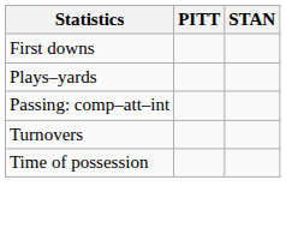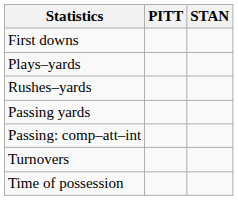 <table class="wikitable" style="float:left">
 <tr>
 <th>Statistics</th>
 <th>PITT</th>
 <th>STAN</th>
 </tr>
 <tr>
 <td>First downs</td>
 <td></td>
 <td></td>
 </tr>
 <tr>
 <td>Plays–yards</td>
+<td></td>
+<td></td>
+</tr>
+<tr>
+<td>Rushes–yards</td>
+<td></td>
+<td></td>
+</tr>
+<tr>
+<td>Passing yards</td>
 <td></td>
 <td></td>
 </tr>
 <tr>
 <td>Passing: comp–att–int</td>
 <td></td>
 <td></td>
 </tr>
 <tr>
 <td>Turnovers</td>
 <td></td>
 <td></td>
 </tr>
 <tr>
 <td>Time of possession</td>
 <td></td>
 <td></td>
 </tr>
 </table>
